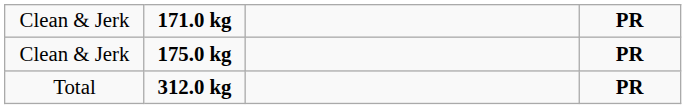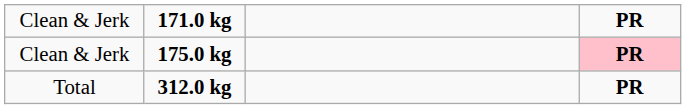 <table class = "wikitable" style="text-align:center;">
 <tr>
 <td width=100>Clean & Jerk</td>
 <td width=70><strong>171.0 kg</strong></td>
 <td width=250 align=left></td>
 <td width=70><strong>PR</strong></td>
 </tr>
 <tr>
 <td>Clean & Jerk</td>
 <td><strong>175.0 kg</strong></td>
 <td align=left></td>
-<td><strong>PR</strong></td>
+<td style="background: pink;"><strong>PR</strong></td>
 </tr>
 <tr>
 <td>Total</td>
 <td><strong>312.0 kg</strong></td>
 <td align=left></td>
 <td><strong>PR</strong></td>
 </tr>
 </table>
